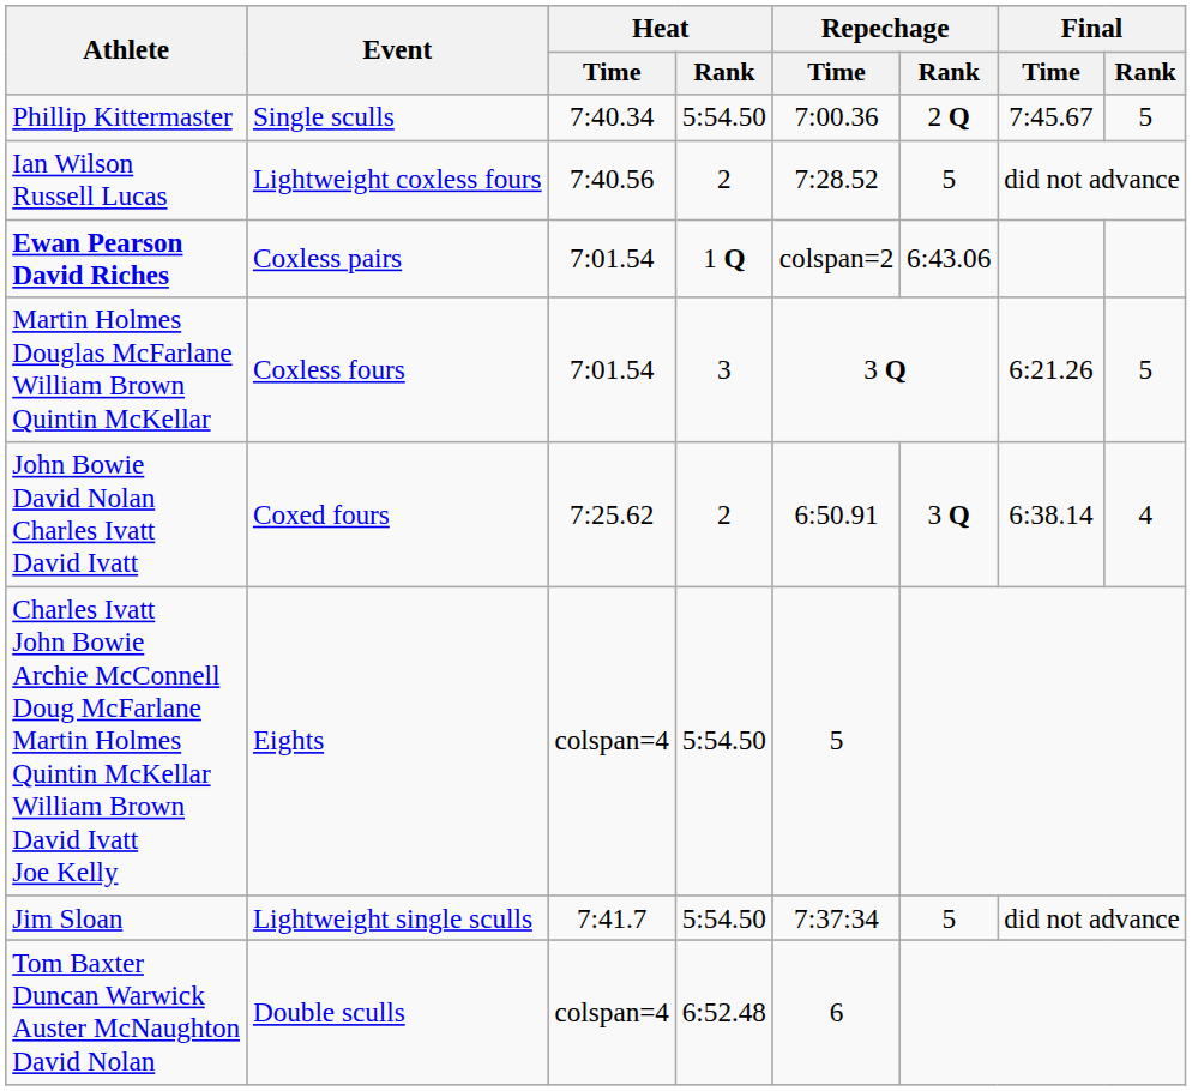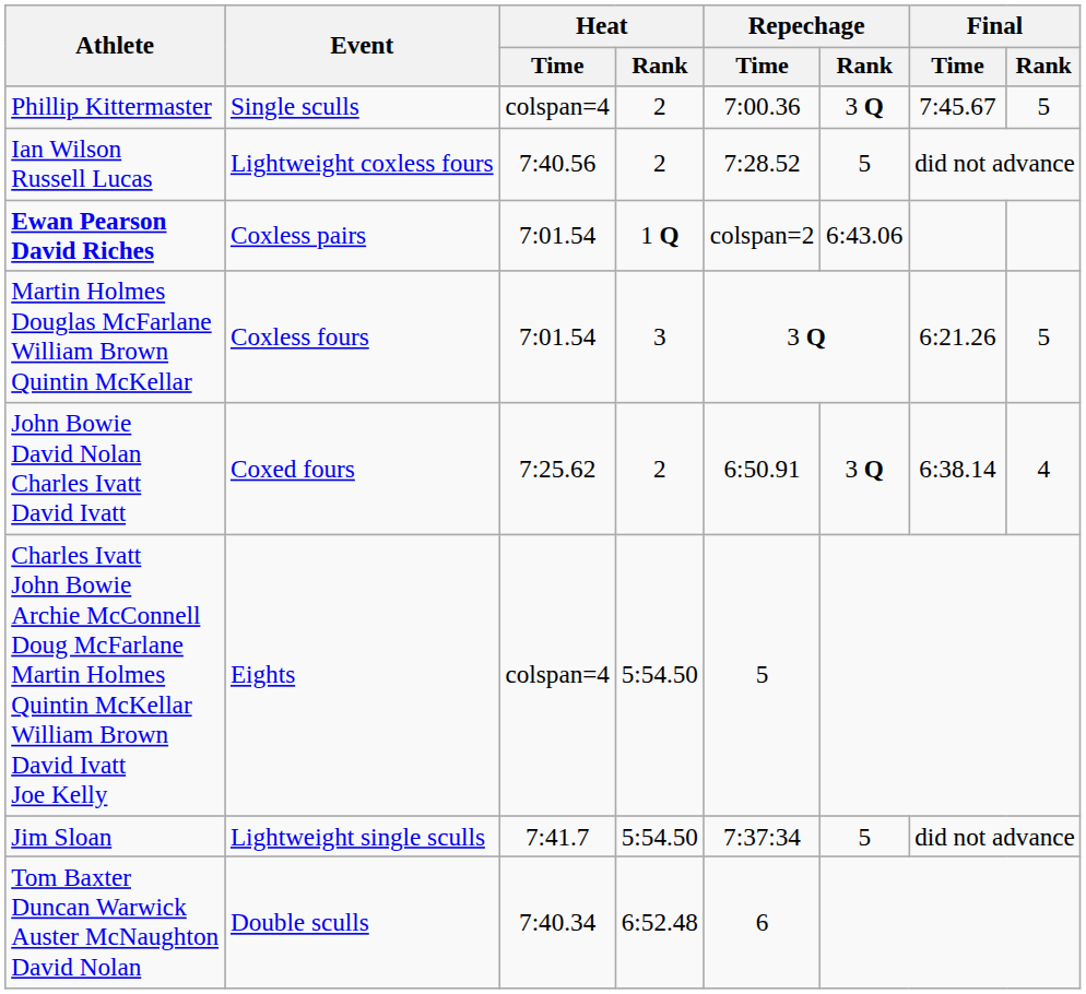 <table class="wikitable" style="font-size:90%">
 <tr>
 <th rowspan="2">Athlete</th>
 <th rowspan="2">Event</th>
 <th colspan="2">Heat</th>
 <th colspan="2">Repechage</th>
 <th colspan="2">Final</th>
 </tr>
 <tr style="font-size:95%">
 <th>Time</th>
 <th>Rank</th>
 <th>Time</th>
 <th>Rank</th>
 <th>Time</th>
 <th>Rank</th>
 </tr>
 <tr align=center>
 <td align=left><a href='#'>Phillip Kittermaster</a></td>
 <td align=left><a href='#'>Single sculls</a></td>
-<td>7:40.34</td>
-<td>5:54.50</td>
+<td>colspan=4 </td>
+<td>2</td>
 <td>7:00.36</td>
-<td>2 <strong>Q</strong></td>
+<td>3 <strong>Q</strong></td>
 <td>7:45.67</td>
 <td>5</td>
 </tr>
 <tr align=center>
 <td align=left><a href='#'>Ian Wilson</a><br><a href='#'>Russell Lucas</a></td>
 <td align=left><a href='#'>Lightweight coxless fours</a></td>
 <td>7:40.56</td>
 <td>2</td>
 <td>7:28.52</td>
 <td>5</td>
 <td colspan=2>did not advance</td>
 </tr>
 <tr align=center>
 <td align=left><strong><a href='#'>Ewan Pearson</a></strong><br><strong><a href='#'>David Riches</a></strong></td>
 <td align=left><a href='#'>Coxless pairs</a></td>
 <td>7:01.54</td>
 <td>1 <strong>Q</strong></td>
 <td>colspan=2 </td>
 <td>6:43.06</td>
 <td></td>
 </tr>
 <tr align=center>
 <td align=left><a href='#'>Martin Holmes</a><br><a href='#'>Douglas McFarlane</a><br><a href='#'>William Brown</a><br><a href='#'>Quintin McKellar</a></td>
 <td align=left><a href='#'>Coxless fours</a></td>
 <td>7:01.54</td>
 <td>3</td>
 <td colspan=2>3 <strong>Q</strong></td>
 <td>6:21.26</td>
 <td>5</td>
 </tr>
 <tr align=center>
 <td align=left><a href='#'>John Bowie</a><br><a href='#'>David Nolan</a><br><a href='#'>Charles Ivatt</a><br><a href='#'>David Ivatt</a></td>
 <td align=left><a href='#'>Coxed fours</a></td>
 <td>7:25.62</td>
 <td>2</td>
 <td>6:50.91</td>
 <td>3 <strong>Q</strong></td>
 <td>6:38.14</td>
 <td>4</td>
 </tr>
 <tr align=center>
 <td align=left><a href='#'>Charles Ivatt</a><br><a href='#'>John Bowie</a><br><a href='#'>Archie McConnell</a><br><a href='#'>Doug McFarlane</a><br><a href='#'>Martin Holmes</a><br><a href='#'>Quintin McKellar</a><br><a href='#'>William Brown</a><br><a href='#'>David Ivatt</a><br><a href='#'>Joe Kelly</a></td>
 <td align=left><a href='#'>Eights</a></td>
 <td>colspan=4 </td>
 <td>5:54.50</td>
 <td>5</td>
 </tr>
 <tr align=center>
 <td align=left><a href='#'>Jim Sloan</a></td>
 <td align=left><a href='#'>Lightweight single sculls</a></td>
 <td>7:41.7</td>
 <td>5:54.50</td>
 <td>7:37:34</td>
 <td>5</td>
 <td colspan=2>did not advance</td>
 </tr>
 <tr align=center>
 <td align=left><a href='#'>Tom Baxter</a><br><a href='#'>Duncan Warwick</a><br><a href='#'>Auster McNaughton</a><br><a href='#'>David Nolan</a></td>
 <td align=left><a href='#'>Double sculls</a></td>
-<td>colspan=4 </td>
+<td>7:40.34</td>
 <td>6:52.48</td>
 <td>6</td>
 </tr>
 </table>
